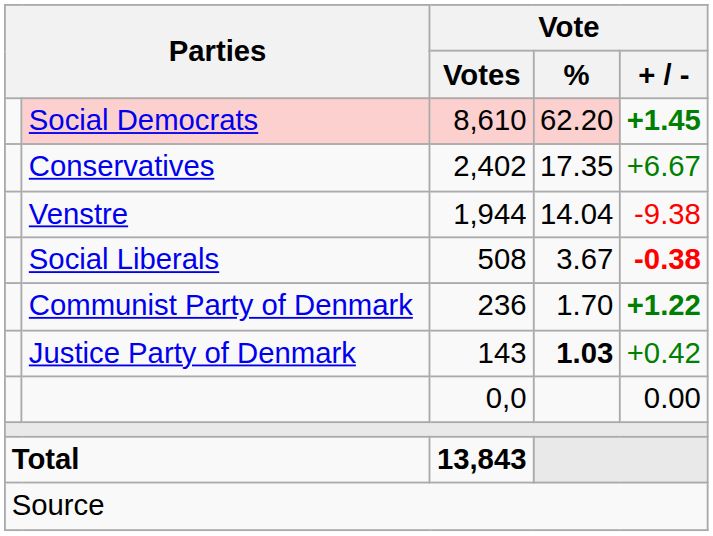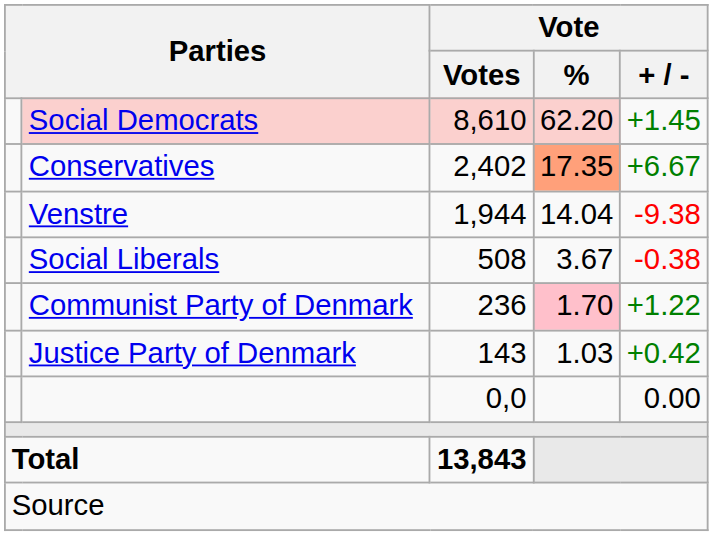 <table class="wikitable" style="text-align:right;">
 <tr>
 <th style="text-align:centre;" rowspan="2" colspan="2" width="225">Parties</th>
 <th colspan="3">Vote</th>
 </tr>
 <tr>
 <th width="15">Votes</th>
 <th width="15">%</th>
 <th width="15">+ / -</th>
 </tr>
 <tr>
 <td width="2" style="color:inherit;background:"></td>
 <td bgcolor=#fbd0ce  align="left"><a href='#'>Social Democrats</a></td>
 <td bgcolor=#fbd0ce>8,610</td>
 <td bgcolor=#fbd0ce>62.20</td>
-<td style=color:green;><strong>+1.45</strong></td>
+<td style=color:green;>+1.45</td>
 </tr>
 <tr>
 <td width="2" style="color:inherit;background:"></td>
 <td align="left"><a href='#'>Conservatives</a></td>
 <td>2,402</td>
-<td>17.35</td>
+<td style="background: lightsalmon;">17.35</td>
 <td style=color:green;>+6.67</td>
 </tr>
 <tr>
 <td width="2" style="color:inherit;background:"></td>
 <td align="left"><a href='#'>Venstre</a></td>
 <td>1,944</td>
 <td>14.04</td>
 <td style=color:red;>-9.38</td>
 </tr>
 <tr>
 <td width="2" style="color:inherit;background:"></td>
 <td align="left"><a href='#'>Social Liberals</a></td>
 <td>508</td>
 <td>3.67</td>
-<td style=color:red;><strong>-0.38</strong></td>
+<td style=color:red;>-0.38</td>
 </tr>
 <tr>
 <td width="2" style="color:inherit;background:"></td>
 <td align="left"><a href='#'>Communist Party of Denmark</a></td>
 <td>236</td>
-<td>1.70</td>
-<td style=color:green;><strong>+1.22</strong></td>
+<td style="background: pink;">1.70</td>
+<td style=color:green;>+1.22</td>
 </tr>
 <tr>
 <td width="2" style="color:inherit;background:"></td>
 <td align="left"><a href='#'>Justice Party of Denmark</a></td>
 <td>143</td>
-<td><strong>1.03</strong></td>
+<td>1.03</td>
 <td style=color:green;>+0.42</td>
 </tr>
 <tr>
 <td width="2" style="color:inherit;background:"></td>
 <td align="left"></td>
 <td>0,0</td>
 <td></td>
 <td>0.00</td>
 </tr>
 <tr>
 <td colspan="7" bgcolor="#E9E9E9"></td>
 </tr>
 <tr>
 <td align="left" colspan="2"><strong>Total</strong></td>
 <td><strong>13,843</strong></td>
 <td bgcolor="#E9E9E9" colspan="2"></td>
 </tr>
 <tr>
 <td align="left" colspan="6">Source</td>
 </tr>
 </table>
